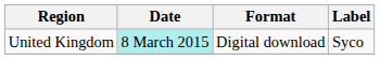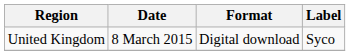 <table class=wikitable>
 <tr>
 <th>Region</th>
 <th>Date</th>
 <th>Format</th>
 <th>Label</th>
 </tr>
 <tr>
 <td>United Kingdom</td>
-<td style="background: paleturquoise;">8 March 2015</td>
+<td>8 March 2015</td>
 <td>Digital download</td>
 <td>Syco</td>
 </tr>
 <tr>
 </tr>
 </table>
